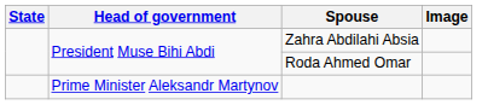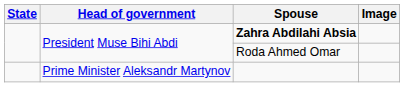 <table class="sortable wikitable">
 <tr>
 <th><a href='#'>State</a></th>
 <th><a href='#'>Head of government</a></th>
 <th>Spouse</th>
 <th>Image</th>
 </tr>
 <tr>
 <td rowspan="2"></td>
 <td rowspan="2"><a href='#'>President</a> <a href='#'>Muse Bihi Abdi</a></td>
-<td>Zahra Abdilahi Absia</td>
+<td><strong>Zahra Abdilahi Absia</strong></td>
 <td></td>
 </tr>
 <tr>
 <td>Roda Ahmed Omar</td>
 <td></td>
 </tr>
 <tr>
 <td></td>
 <td><a href='#'>Prime Minister</a> <a href='#'>Aleksandr Martynov</a></td>
 <td></td>
 <td></td>
 </tr>
 </table>
